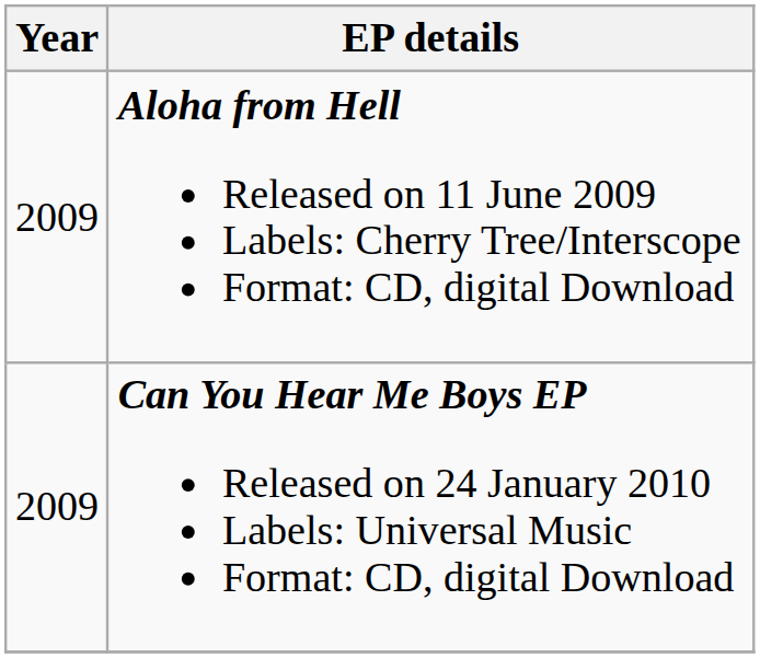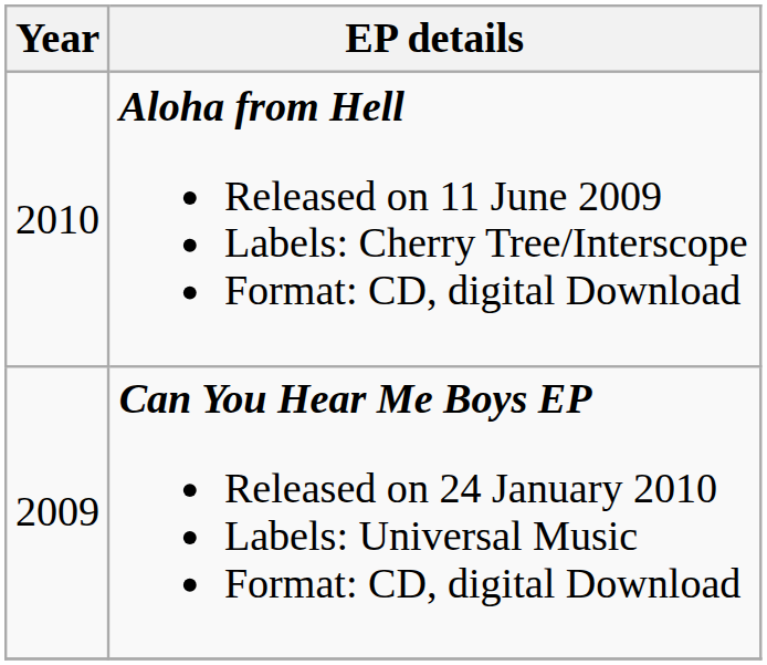 <table class="wikitable">
 <tr>
 <th>Year</th>
 <th width="240">EP details</th>
 </tr>
 <tr>
-<td>2009</td>
+<td>2010</td>
 <td><strong><em>Aloha from Hell</em></strong><br><ul><li>Released on 11 June 2009</li><li>Labels: Cherry Tree/Interscope</li><li>Format: CD, digital Download</li></ul></td>
 </tr>
 <tr>
 <td>2009</td>
 <td><strong><em>Can You Hear Me Boys EP</em></strong><br><ul><li>Released on 24 January 2010</li><li>Labels: Universal Music</li><li>Format: CD, digital Download</li></ul></td>
 </tr>
 <tr>
 </tr>
 </table>
